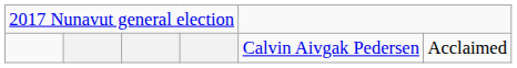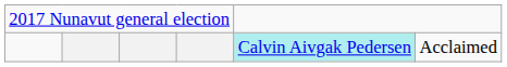 <table class="wikitable">
 <tr>
 <td colspan=4 align=center><a href='#'>2017 Nunavut general election</a></td>
 </tr>
 <tr>
 <td></td>
 <th></th>
 <th></th>
 <th><br></th>
-<td><a href='#'>Calvin Aivgak Pedersen</a></td>
+<td style="background: paleturquoise;"><a href='#'>Calvin Aivgak Pedersen</a></td>
 <td colspan="2" align=center>Acclaimed</td>
 </tr>
 </table>
